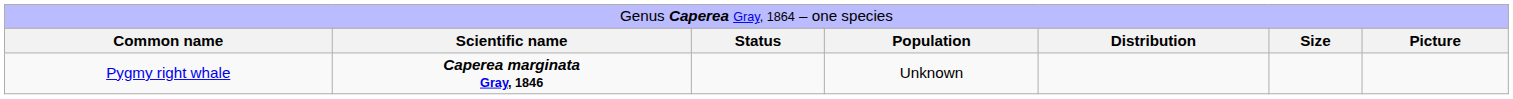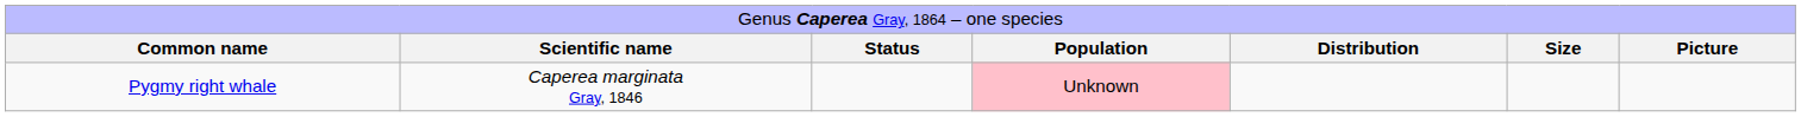 <table class="wikitable" style="width:100%;text-align:center">
 <tr>
 <td colspan="100%" align="center" bgcolor="#BBBBFF">Genus <strong><em>Caperea</em></strong> <small><a href='#'>Gray</a>, 1864</small> – one species</td>
 </tr>
 <tr>
 <th scope="col">Common name</th>
 <th scope="col">Scientific name</th>
 <th scope="col">Status</th>
 <th scope="col">Population</th>
 <th scope="col">Distribution</th>
 <th scope="col">Size</th>
 <th scope="col">Picture</th>
 </tr>
 <tr>
 <td><a href='#'>Pygmy right whale</a></td>
-<td><strong><em>Caperea marginata</em><br><small><a href='#'>Gray</a>, 1846</small></strong></td>
+<td><em>Caperea marginata</em><br><small><a href='#'>Gray</a>, 1846</small></td>
 <td></td>
-<td>Unknown</td>
+<td style="background: pink;">Unknown</td>
 <td></td>
 <td><br> </td>
 <td></td>
 </tr>
 </table>
